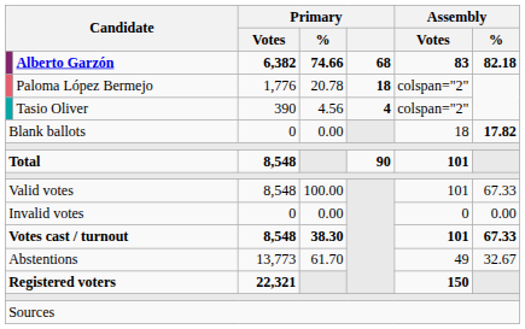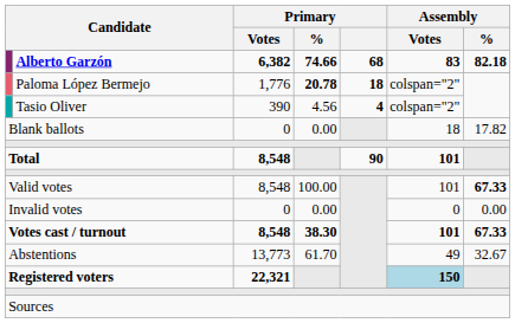 <table class="wikitable" style="text-align:right;">
 <tr>
 <th rowspan="2" colspan="2" width="250">Candidate</th>
 <th colspan="3">Primary</th>
 <th colspan="2">Assembly</th>
 </tr>
 <tr>
 <th width="60">Votes</th>
 <th width="45">%</th>
 <th width="45"></th>
 <th width="50">Votes</th>
 <th width="45">%</th>
 </tr>
 <tr>
 <td width="1" style="color:inherit;background:#83246E"></td>
 <td align="left"><strong><a href='#'>Alberto Garzón</a></strong></td>
 <td><strong>6,382</strong></td>
 <td><strong>74.66</strong></td>
 <td><strong>68</strong></td>
 <td><strong>83</strong></td>
 <td><strong>82.18</strong></td>
 </tr>
 <tr>
 <td style="color:inherit;background:#E85D6D"></td>
 <td align="left">Paloma López Bermejo</td>
 <td>1,776</td>
-<td>20.78</td>
+<td><strong>20.78</strong></td>
 <td><strong>18</strong></td>
 <td>colspan="2" </td>
 </tr>
 <tr>
 <td style="color:inherit;background:#00A8A9"></td>
 <td align="left">Tasio Oliver</td>
 <td>390</td>
 <td>4.56</td>
 <td><strong>4</strong></td>
 <td>colspan="2" </td>
 </tr>
 <tr>
 <td align="left" colspan="2">Blank ballots</td>
 <td>0</td>
 <td>0.00</td>
 <td bgcolor="#E9E9E9"></td>
 <td>18</td>
-<td><strong>17.82</strong></td>
+<td>17.82</td>
 </tr>
 <tr>
 <td colspan="7" bgcolor="#E9E9E9"></td>
 </tr>
 <tr style="font-weight:bold;">
 <td align="left" colspan="2">Total</td>
 <td><strong>8,548</strong></td>
 <td bgcolor="#E9E9E9"></td>
 <td>90</td>
 <td><strong>101</strong></td>
 <td bgcolor="#E9E9E9"></td>
 </tr>
 <tr>
 <td colspan="7" bgcolor="#E9E9E9"></td>
 </tr>
 <tr>
 <td align="left" colspan="2">Valid votes</td>
 <td>8,548</td>
 <td>100.00</td>
 <td bgcolor="#E9E9E9" rowspan="5"></td>
 <td>101</td>
-<td>67.33</td>
+<td><strong>67.33</strong></td>
 </tr>
 <tr>
 <td align="left" colspan="2">Invalid votes</td>
 <td>0</td>
 <td>0.00</td>
 <td>0</td>
 <td>0.00</td>
 </tr>
 <tr style="font-weight:bold;">
 <td align="left" colspan="2">Votes cast / turnout</td>
 <td>8,548</td>
 <td>38.30</td>
 <td>101</td>
 <td>67.33</td>
 </tr>
 <tr>
 <td align="left" colspan="2">Abstentions</td>
 <td>13,773</td>
 <td>61.70</td>
 <td>49</td>
 <td>32.67</td>
 </tr>
 <tr style="font-weight:bold;">
 <td align="left" colspan="2">Registered voters</td>
 <td>22,321</td>
 <td bgcolor="#E9E9E9"></td>
-<td>150</td>
+<td style="background: lightblue;">150</td>
 <td bgcolor="#E9E9E9"></td>
 </tr>
 <tr>
 <td colspan="7" bgcolor="#E9E9E9"></td>
 </tr>
 <tr>
 <td align="left" colspan="7">Sources</td>
 </tr>
 </table>
